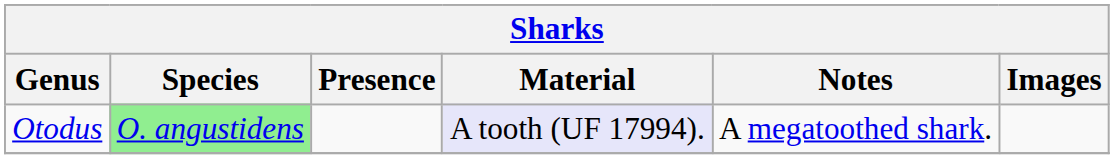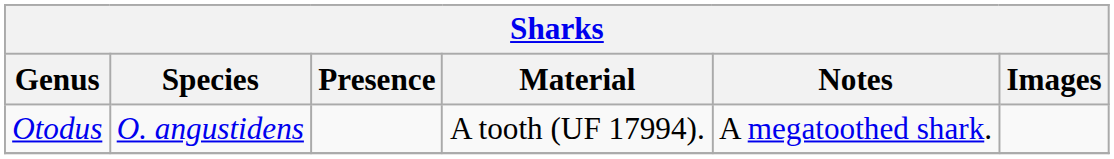 <table class="wikitable" align="center">
 <tr>
 <th colspan="6" align="center"><strong><a href='#'>Sharks</a></strong></th>
 </tr>
 <tr>
 <th>Genus</th>
 <th>Species</th>
 <th>Presence</th>
 <th><strong>Material</strong></th>
 <th>Notes</th>
 <th>Images</th>
 </tr>
 <tr>
 <td><em><a href='#'>Otodus</a></em></td>
-<td style="background: lightgreen;"><a href='#'><em>O. angustidens</em></a></td>
+<td><a href='#'><em>O. angustidens</em></a></td>
 <td></td>
-<td style="background: lavender;">A tooth (UF 17994).</td>
+<td>A tooth (UF 17994).</td>
 <td>A <a href='#'>megatoothed shark</a>.</td>
 <td></td>
 </tr>
 <tr>
 </tr>
 </table>
